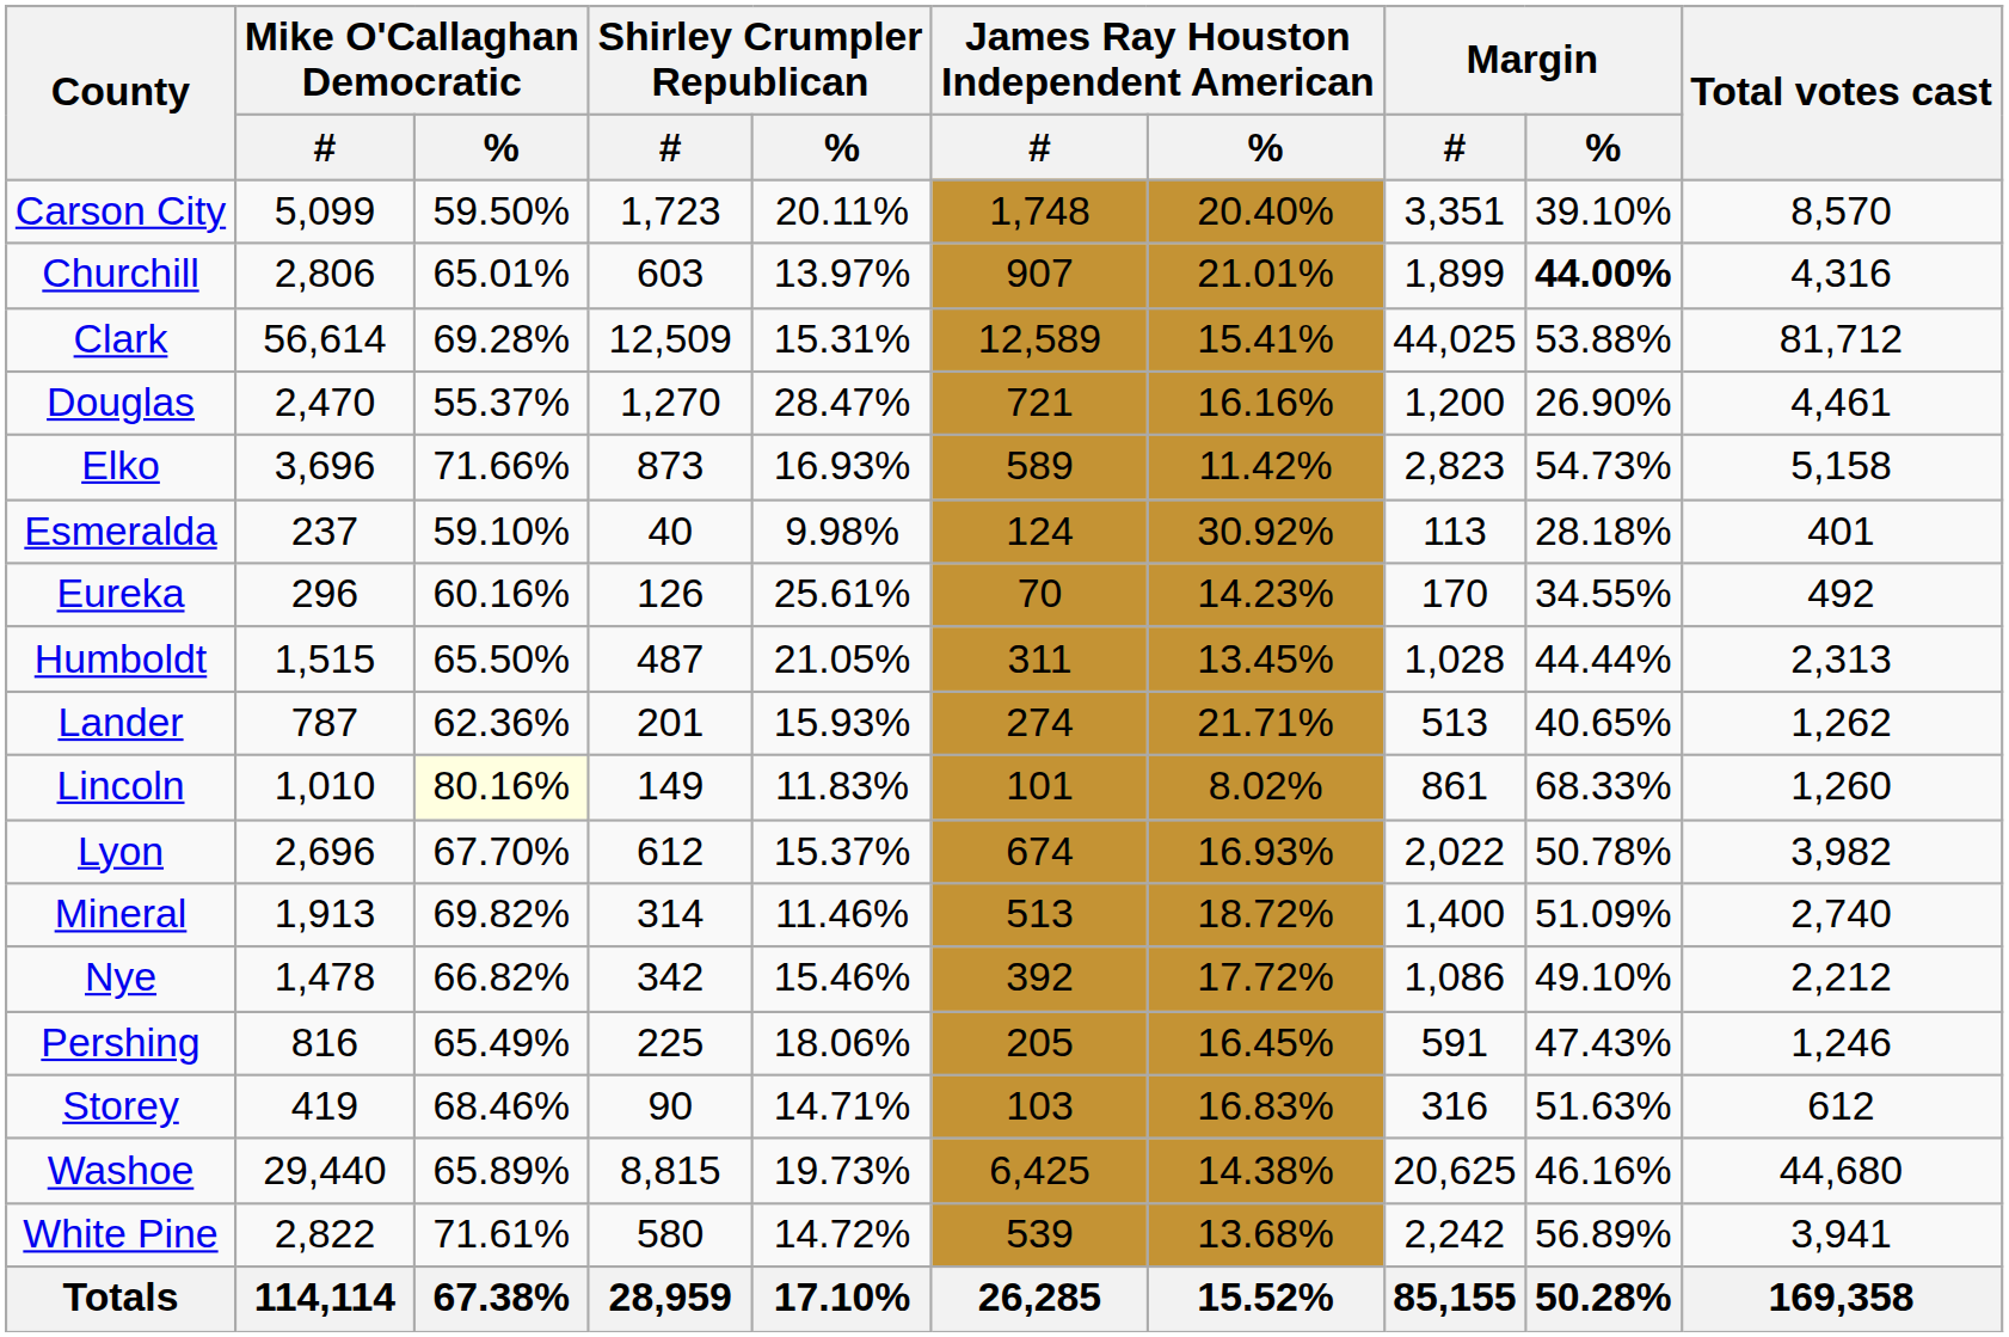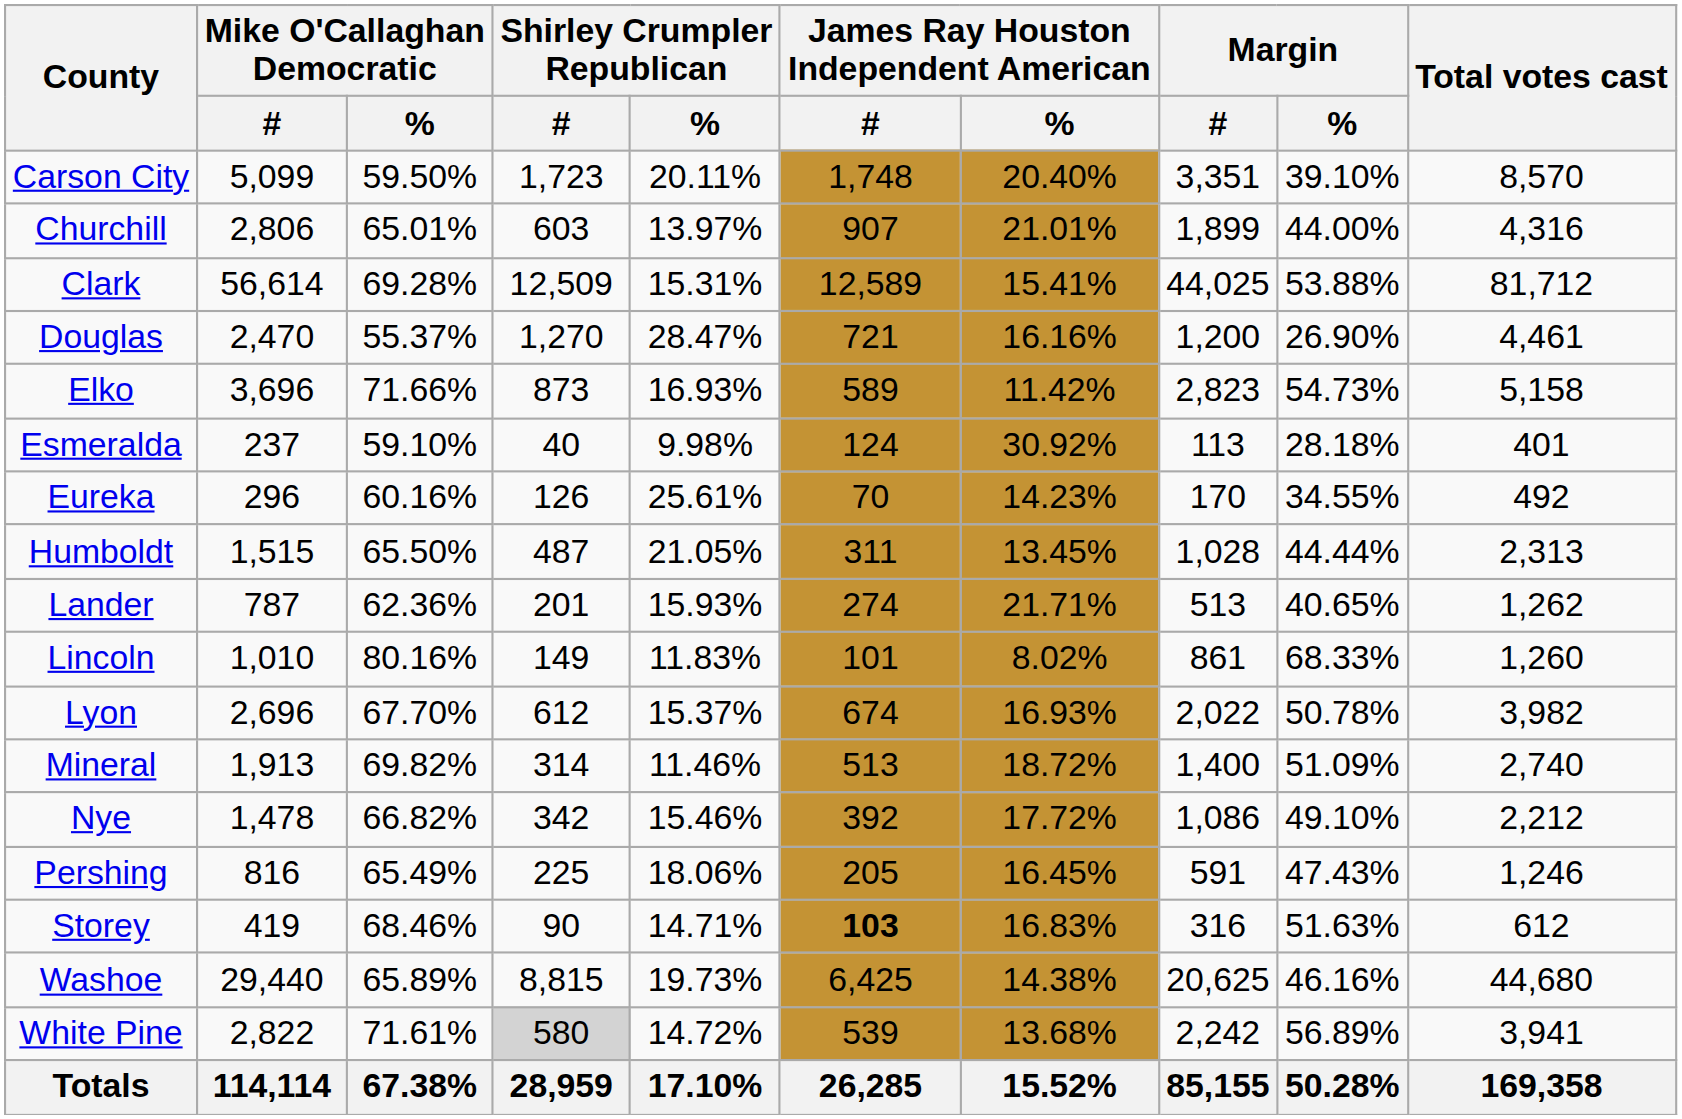 <table class="wikitable sortable" style="text-align:center">
 <tr>
 <th rowspan="2">County</th>
 <th style="text-align:center;" colspan="2">Mike O'Callaghan<br>Democratic</th>
 <th style="text-align:center;" colspan="2">Shirley Crumpler<br>Republican</th>
 <th style="text-align:center;" colspan="2">James Ray Houston<br>Independent American</th>
 <th style="text-align:center;" colspan="2">Margin</th>
 <th style="text-align:center;" rowspan="2">Total votes cast</th>
 </tr>
 <tr>
 <th style="text-align:center;" data-sort-type="number">#</th>
 <th style="text-align:center;" data-sort-type="number">%</th>
 <th style="text-align:center;" data-sort-type="number">#</th>
 <th style="text-align:center;" data-sort-type="number">%</th>
 <th style="text-align:center;" data-sort-type="number">#</th>
 <th style="text-align:center;" data-sort-type="number">%</th>
 <th style="text-align:center;" data-sort-type="number">#</th>
 <th style="text-align:center;" data-sort-type="number">%</th>
 </tr>
 <tr style="text-align:center;">
 <td><a href='#'>Carson City</a></td>
 <td>5,099</td>
 <td>59.50%</td>
 <td>1,723</td>
 <td>20.11%</td>
 <td bgcolor="#c49334">1,748</td>
 <td bgcolor="#c49334">20.40%</td>
 <td>3,351</td>
 <td>39.10%</td>
 <td>8,570</td>
 </tr>
 <tr style="text-align:center;">
 <td><a href='#'>Churchill</a></td>
 <td>2,806</td>
 <td>65.01%</td>
 <td>603</td>
 <td>13.97%</td>
 <td bgcolor="#c49334">907</td>
 <td bgcolor="#c49334">21.01%</td>
 <td>1,899</td>
-<td><strong>44.00%</strong></td>
+<td>44.00%</td>
 <td>4,316</td>
 </tr>
 <tr style="text-align:center;">
 <td><a href='#'>Clark</a></td>
 <td>56,614</td>
 <td>69.28%</td>
 <td>12,509</td>
 <td>15.31%</td>
 <td bgcolor="#c49334">12,589</td>
 <td bgcolor="#c49334">15.41%</td>
 <td>44,025</td>
 <td>53.88%</td>
 <td>81,712</td>
 </tr>
 <tr style="text-align:center;">
 <td><a href='#'>Douglas</a></td>
 <td>2,470</td>
 <td>55.37%</td>
 <td>1,270</td>
 <td>28.47%</td>
 <td bgcolor="#c49334">721</td>
 <td bgcolor="#c49334">16.16%</td>
 <td>1,200</td>
 <td>26.90%</td>
 <td>4,461</td>
 </tr>
 <tr style="text-align:center;">
 <td><a href='#'>Elko</a></td>
 <td>3,696</td>
 <td>71.66%</td>
 <td>873</td>
 <td>16.93%</td>
 <td bgcolor="#c49334">589</td>
 <td bgcolor="#c49334">11.42%</td>
 <td>2,823</td>
 <td>54.73%</td>
 <td>5,158</td>
 </tr>
 <tr style="text-align:center;">
 <td><a href='#'>Esmeralda</a></td>
 <td>237</td>
 <td>59.10%</td>
 <td>40</td>
 <td>9.98%</td>
 <td bgcolor="#c49334">124</td>
 <td bgcolor="#c49334">30.92%</td>
 <td>113</td>
 <td>28.18%</td>
 <td>401</td>
 </tr>
 <tr style="text-align:center;">
 <td><a href='#'>Eureka</a></td>
 <td>296</td>
 <td>60.16%</td>
 <td>126</td>
 <td>25.61%</td>
 <td bgcolor="#c49334">70</td>
 <td bgcolor="#c49334">14.23%</td>
 <td>170</td>
 <td>34.55%</td>
 <td>492</td>
 </tr>
 <tr style="text-align:center;">
 <td><a href='#'>Humboldt</a></td>
 <td>1,515</td>
 <td>65.50%</td>
 <td>487</td>
 <td>21.05%</td>
 <td bgcolor="#c49334">311</td>
 <td bgcolor="#c49334">13.45%</td>
 <td>1,028</td>
 <td>44.44%</td>
 <td>2,313</td>
 </tr>
 <tr style="text-align:center;">
 <td><a href='#'>Lander</a></td>
 <td>787</td>
 <td>62.36%</td>
 <td>201</td>
 <td>15.93%</td>
 <td bgcolor="#c49334">274</td>
 <td bgcolor="#c49334">21.71%</td>
 <td>513</td>
 <td>40.65%</td>
 <td>1,262</td>
 </tr>
 <tr style="text-align:center;">
 <td><a href='#'>Lincoln</a></td>
 <td>1,010</td>
-<td style="background: lightyellow;">80.16%</td>
+<td>80.16%</td>
 <td>149</td>
 <td>11.83%</td>
 <td bgcolor="#c49334">101</td>
 <td bgcolor="#c49334">8.02%</td>
 <td>861</td>
 <td>68.33%</td>
 <td>1,260</td>
 </tr>
 <tr style="text-align:center;">
 <td><a href='#'>Lyon</a></td>
 <td>2,696</td>
 <td>67.70%</td>
 <td>612</td>
 <td>15.37%</td>
 <td bgcolor="#c49334">674</td>
 <td bgcolor="#c49334">16.93%</td>
 <td>2,022</td>
 <td>50.78%</td>
 <td>3,982</td>
 </tr>
 <tr style="text-align:center;">
 <td><a href='#'>Mineral</a></td>
 <td>1,913</td>
 <td>69.82%</td>
 <td>314</td>
 <td>11.46%</td>
 <td bgcolor="#c49334">513</td>
 <td bgcolor="#c49334">18.72%</td>
 <td>1,400</td>
 <td>51.09%</td>
 <td>2,740</td>
 </tr>
 <tr style="text-align:center;">
 <td><a href='#'>Nye</a></td>
 <td>1,478</td>
 <td>66.82%</td>
 <td>342</td>
 <td>15.46%</td>
 <td bgcolor="#c49334">392</td>
 <td bgcolor="#c49334">17.72%</td>
 <td>1,086</td>
 <td>49.10%</td>
 <td>2,212</td>
 </tr>
 <tr style="text-align:center;">
 <td><a href='#'>Pershing</a></td>
 <td>816</td>
 <td>65.49%</td>
 <td>225</td>
 <td>18.06%</td>
 <td bgcolor="#c49334">205</td>
 <td bgcolor="#c49334">16.45%</td>
 <td>591</td>
 <td>47.43%</td>
 <td>1,246</td>
 </tr>
 <tr style="text-align:center;">
 <td><a href='#'>Storey</a></td>
 <td>419</td>
 <td>68.46%</td>
 <td>90</td>
 <td>14.71%</td>
-<td bgcolor="#c49334">103</td>
+<td bgcolor="#c49334"><strong>103</strong></td>
 <td bgcolor="#c49334">16.83%</td>
 <td>316</td>
 <td>51.63%</td>
 <td>612</td>
 </tr>
 <tr style="text-align:center;">
 <td><a href='#'>Washoe</a></td>
 <td>29,440</td>
 <td>65.89%</td>
 <td>8,815</td>
 <td>19.73%</td>
 <td bgcolor="#c49334">6,425</td>
 <td bgcolor="#c49334">14.38%</td>
 <td>20,625</td>
 <td>46.16%</td>
 <td>44,680</td>
 </tr>
 <tr style="text-align:center;">
 <td><a href='#'>White Pine</a></td>
 <td>2,822</td>
 <td>71.61%</td>
-<td>580</td>
+<td style="background: lightgrey;">580</td>
 <td>14.72%</td>
 <td bgcolor="#c49334">539</td>
 <td bgcolor="#c49334">13.68%</td>
 <td>2,242</td>
 <td>56.89%</td>
 <td>3,941</td>
 </tr>
 <tr style="text-align:center;">
 <th>Totals</th>
 <th>114,114</th>
 <th>67.38%</th>
 <th>28,959</th>
 <th>17.10%</th>
 <th>26,285</th>
 <th>15.52%</th>
 <th>85,155</th>
 <th>50.28%</th>
 <th>169,358</th>
 </tr>
 </table>
